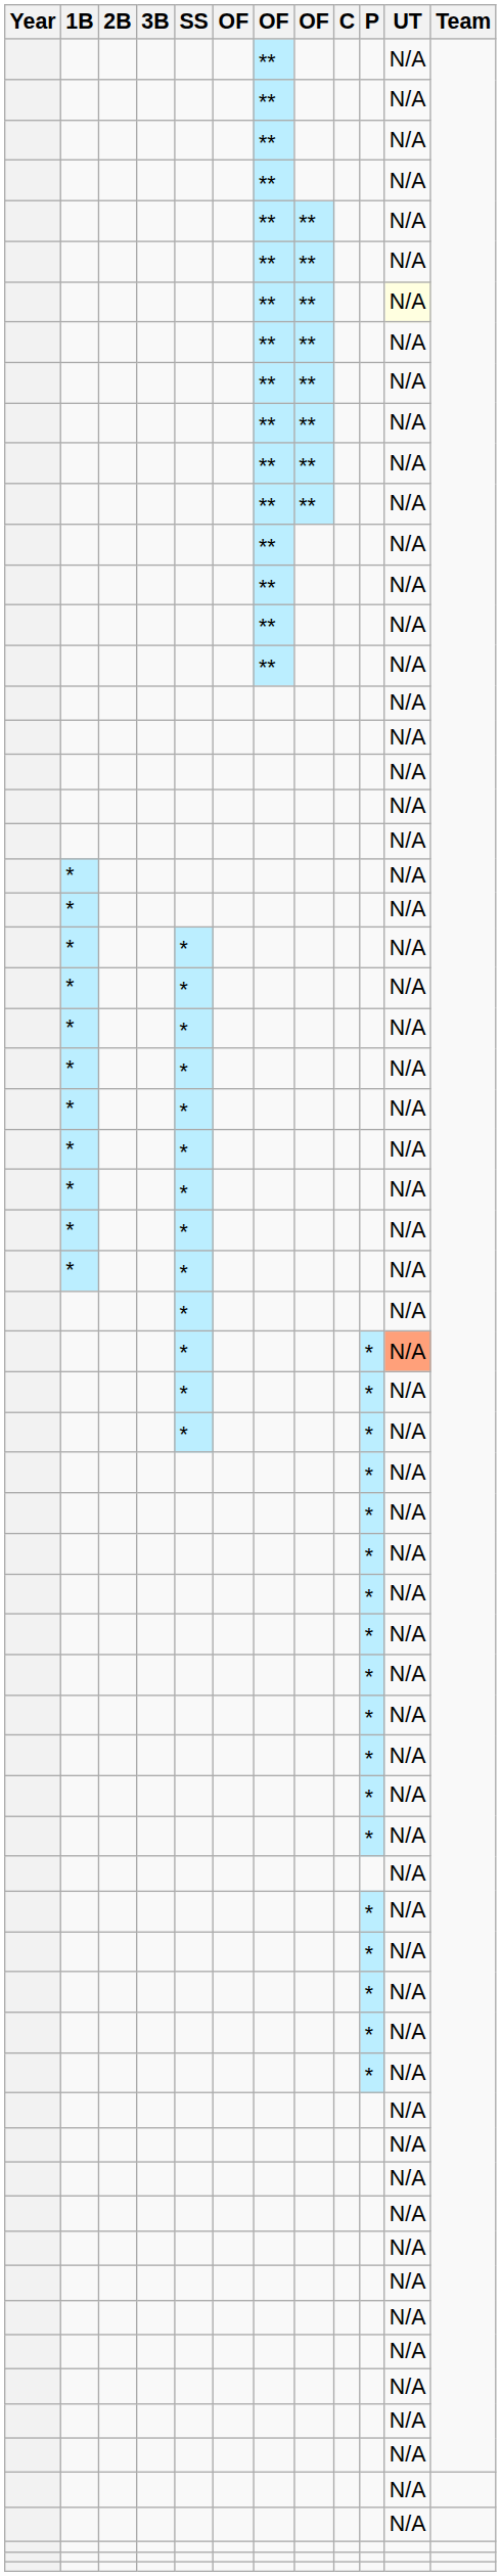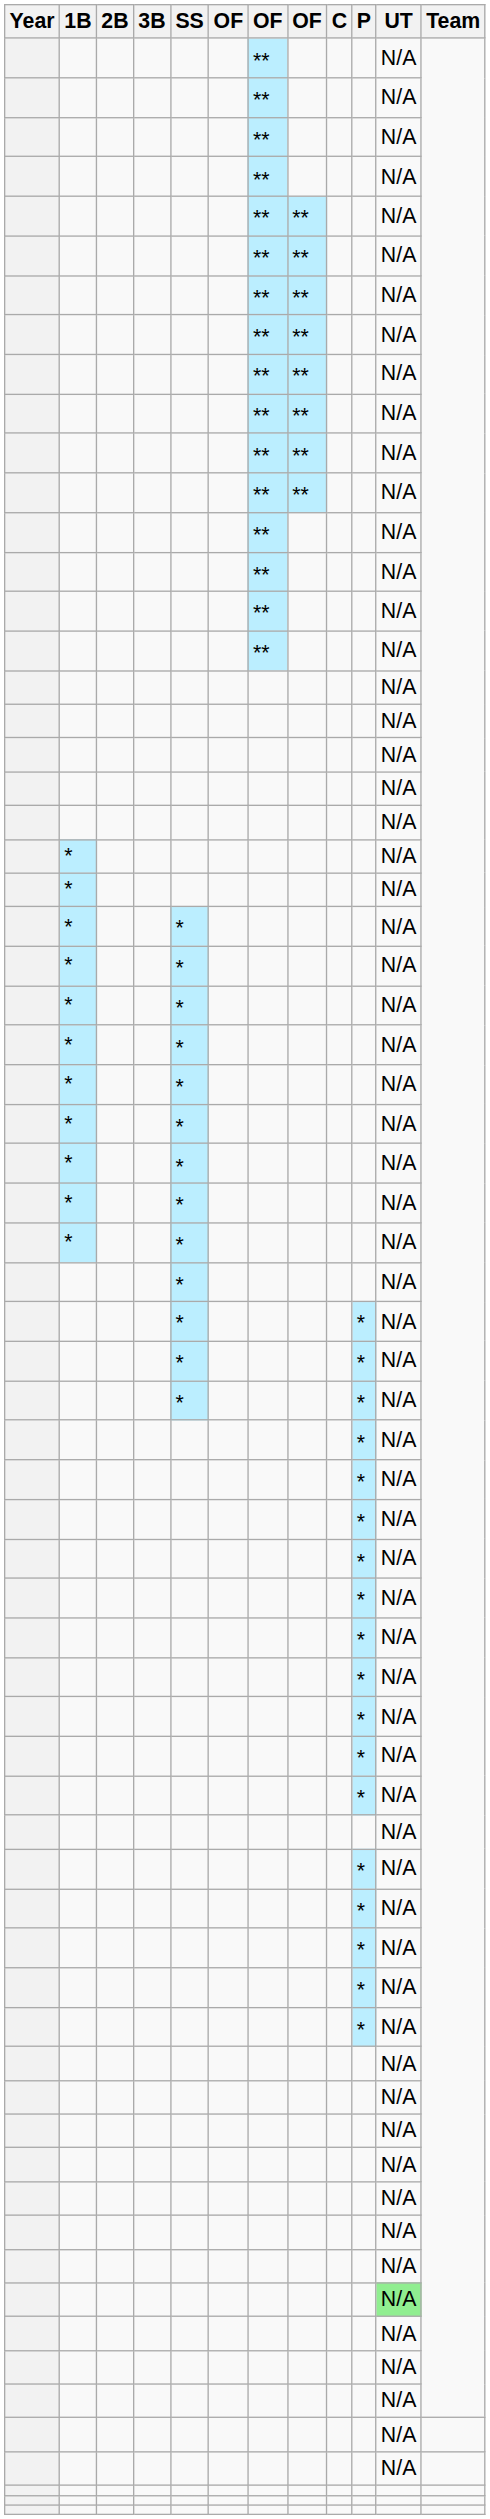 <table class="wikitable sortable">
 <tr>
 <th scope="col">Year</th>
 <th scope="col">1B</th>
 <th scope="col">2B</th>
 <th scope="col">3B</th>
 <th scope="col">SS</th>
 <th scope="col">OF</th>
 <th scope="col">OF</th>
 <th scope="col">OF</th>
 <th scope="col">C</th>
 <th scope="col">P</th>
 <th scope="col">UT</th>
 <th scope="col">Team</th>
 </tr>
 <tr>
 <th scope="row"></th>
 <td><sup></sup></td>
 <td><em></em><sup></sup></td>
 <td><em></em></td>
 <td></td>
 <td><em></em><sup></sup></td>
 <td style="background:#bef;">**<sup></sup></td>
 <td><em></em><sup></sup></td>
 <td><em></em></td>
 <td><em></em></td>
 <td>N/A</td>
 </tr>
 <tr>
 <th scope="row"></th>
 <td><sup></sup></td>
 <td><sup></sup></td>
 <td></td>
 <td></td>
 <td><sup></sup></td>
 <td style="background:#bef;">**<sup></sup></td>
 <td><sup></sup></td>
 <td></td>
 <td></td>
 <td>N/A</td>
 </tr>
 <tr>
 <th scope="row"></th>
 <td><sup></sup></td>
 <td></td>
 <td></td>
 <td></td>
 <td></td>
 <td style="background:#bef;">**<sup></sup></td>
 <td><sup></sup></td>
 <td></td>
 <td></td>
 <td>N/A</td>
 </tr>
 <tr>
 <th scope="row"></th>
 <td></td>
 <td><sup></sup></td>
 <td></td>
 <td><sup></sup></td>
 <td></td>
 <td style="background:#bef;">**<sup></sup></td>
 <td><sup></sup></td>
 <td></td>
 <td></td>
 <td>N/A</td>
 </tr>
 <tr>
 <th scope="row"></th>
 <td></td>
 <td><sup></sup></td>
 <td></td>
 <td></td>
 <td></td>
 <td style="background:#bef;">**<sup></sup></td>
 <td style="background:#bef;">**<sup></sup></td>
 <td></td>
 <td></td>
 <td>N/A</td>
 </tr>
 <tr>
 <th scope="row"></th>
 <td></td>
 <td></td>
 <td></td>
 <td></td>
 <td></td>
 <td style="background:#bef;">**<sup></sup></td>
 <td style="background:#bef;">**<sup></sup></td>
 <td></td>
 <td></td>
 <td>N/A</td>
 </tr>
 <tr>
 <th scope="row"></th>
 <td></td>
 <td><sup></sup></td>
 <td></td>
 <td></td>
 <td></td>
 <td style="background:#bef;">**<sup></sup></td>
 <td style="background:#bef;">**<sup></sup></td>
 <td></td>
 <td></td>
-<td style="background: lightyellow;">N/A</td>
+<td>N/A</td>
 </tr>
 <tr>
 <th scope="row"></th>
 <td></td>
 <td><sup></sup></td>
 <td><sup></sup></td>
 <td></td>
 <td></td>
 <td style="background:#bef;">**<sup></sup></td>
 <td style="background:#bef;">**<sup></sup></td>
 <td></td>
 <td></td>
 <td>N/A</td>
 </tr>
 <tr>
 <th scope="row"></th>
 <td></td>
 <td><sup></sup></td>
 <td><sup></sup></td>
 <td></td>
 <td></td>
 <td style="background:#bef;">**<sup></sup></td>
 <td style="background:#bef;">**<sup></sup></td>
 <td><sup></sup></td>
 <td><sup></sup></td>
 <td>N/A</td>
 </tr>
 <tr>
 <th scope="row"></th>
 <td></td>
 <td><sup></sup></td>
 <td><sup></sup></td>
 <td></td>
 <td></td>
 <td style="background:#bef;">**<sup></sup></td>
 <td style="background:#bef;">**<sup></sup></td>
 <td></td>
 <td><sup></sup></td>
 <td>N/A</td>
 </tr>
 <tr>
 <th scope="row"></th>
 <td></td>
 <td><sup></sup></td>
 <td><sup></sup></td>
 <td></td>
 <td></td>
 <td style="background:#bef;">**<sup></sup></td>
 <td style="background:#bef;">**<sup></sup></td>
 <td></td>
 <td><sup></sup></td>
 <td>N/A</td>
 </tr>
 <tr>
 <th scope="row"></th>
 <td></td>
 <td></td>
 <td><sup></sup></td>
 <td></td>
 <td></td>
 <td style="background:#bef;">**<sup></sup></td>
 <td style="background:#bef;">**<sup></sup></td>
 <td><sup></sup></td>
 <td><sup></sup></td>
 <td>N/A</td>
 </tr>
 <tr>
 <th scope="row"></th>
 <td></td>
 <td></td>
 <td></td>
 <td></td>
 <td></td>
 <td style="background:#bef;">**<sup></sup></td>
 <td></td>
 <td><sup></sup></td>
 <td><sup></sup></td>
 <td>N/A</td>
 </tr>
 <tr>
 <th scope="row"></th>
 <td></td>
 <td></td>
 <td></td>
 <td></td>
 <td></td>
 <td style="background:#bef;">**<sup></sup></td>
 <td></td>
 <td><sup></sup></td>
 <td><sup></sup></td>
 <td>N/A</td>
 </tr>
 <tr>
 <th scope="row"></th>
 <td></td>
 <td></td>
 <td></td>
 <td></td>
 <td></td>
 <td style="background:#bef;">**<sup></sup></td>
 <td></td>
 <td><sup></sup></td>
 <td><sup></sup></td>
 <td>N/A</td>
 </tr>
 <tr>
 <th scope="row"></th>
 <td></td>
 <td></td>
 <td></td>
 <td></td>
 <td></td>
 <td style="background:#bef;">**<sup></sup></td>
 <td></td>
 <td><sup></sup></td>
 <td><sup></sup></td>
 <td>N/A</td>
 </tr>
 <tr>
 <th scope="row"></th>
 <td></td>
 <td><sup></sup></td>
 <td></td>
 <td></td>
 <td></td>
 <td></td>
 <td></td>
 <td><sup></sup></td>
 <td><sup></sup></td>
 <td>N/A</td>
 </tr>
 <tr>
 <th scope="row"></th>
 <td></td>
 <td><sup></sup></td>
 <td></td>
 <td></td>
 <td></td>
 <td></td>
 <td></td>
 <td><sup></sup></td>
 <td></td>
 <td>N/A</td>
 </tr>
 <tr>
 <th scope="row"></th>
 <td></td>
 <td><sup></sup></td>
 <td></td>
 <td></td>
 <td></td>
 <td></td>
 <td></td>
 <td><sup></sup></td>
 <td></td>
 <td>N/A</td>
 </tr>
 <tr>
 <th scope="row"></th>
 <td></td>
 <td><sup></sup></td>
 <td><sup></sup></td>
 <td></td>
 <td></td>
 <td></td>
 <td></td>
 <td><sup></sup></td>
 <td><sup></sup></td>
 <td>N/A</td>
 </tr>
 <tr>
 <th scope="row"></th>
 <td></td>
 <td><sup></sup></td>
 <td><sup></sup></td>
 <td></td>
 <td></td>
 <td></td>
 <td><sup></sup></td>
 <td><sup></sup></td>
 <td><sup></sup></td>
 <td>N/A</td>
 </tr>
 <tr>
 <th scope="row"></th>
 <td style="background:#bef;">*</td>
 <td></td>
 <td><sup></sup></td>
 <td></td>
 <td></td>
 <td></td>
 <td><sup></sup></td>
 <td></td>
 <td><sup></sup></td>
 <td>N/A</td>
 </tr>
 <tr>
 <th scope="row"></th>
 <td style="background:#bef;">*</td>
 <td></td>
 <td><sup></sup></td>
 <td></td>
 <td><sup></sup></td>
 <td></td>
 <td><sup></sup></td>
 <td></td>
 <td><sup></sup></td>
 <td>N/A</td>
 </tr>
 <tr>
 <th scope="row"></th>
 <td style="background:#bef;">*</td>
 <td></td>
 <td><sup></sup></td>
 <td style="background:#bef;">*<sup></sup></td>
 <td><sup></sup></td>
 <td></td>
 <td><sup></sup></td>
 <td><sup></sup></td>
 <td><sup></sup></td>
 <td>N/A</td>
 </tr>
 <tr>
 <th scope="row"></th>
 <td style="background:#bef;">*</td>
 <td></td>
 <td><sup></sup></td>
 <td style="background:#bef;">*<sup></sup></td>
 <td></td>
 <td></td>
 <td><sup></sup></td>
 <td><sup></sup></td>
 <td><sup></sup></td>
 <td>N/A</td>
 </tr>
 <tr>
 <th scope="row"></th>
 <td style="background:#bef;">*</td>
 <td></td>
 <td><sup></sup></td>
 <td style="background:#bef;">*<sup></sup></td>
 <td></td>
 <td></td>
 <td><sup></sup></td>
 <td><sup></sup></td>
 <td><sup></sup></td>
 <td>N/A</td>
 </tr>
 <tr>
 <th scope="row"></th>
 <td style="background:#bef;">*</td>
 <td><sup></sup></td>
 <td><sup></sup></td>
 <td style="background:#bef;">*<sup></sup></td>
 <td></td>
 <td></td>
 <td><sup></sup></td>
 <td></td>
 <td><sup></sup></td>
 <td>N/A</td>
 </tr>
 <tr>
 <th scope="row"></th>
 <td style="background:#bef;">*</td>
 <td><sup></sup></td>
 <td><sup></sup></td>
 <td style="background:#bef;">*<sup></sup></td>
 <td></td>
 <td></td>
 <td><sup></sup></td>
 <td></td>
 <td></td>
 <td>N/A</td>
 </tr>
 <tr>
 <th scope="row"></th>
 <td style="background:#bef;">*</td>
 <td><sup></sup></td>
 <td></td>
 <td style="background:#bef;">*<sup></sup></td>
 <td></td>
 <td></td>
 <td><sup></sup></td>
 <td></td>
 <td></td>
 <td>N/A</td>
 </tr>
 <tr>
 <th scope="row"></th>
 <td style="background:#bef;">*</td>
 <td><sup></sup></td>
 <td><sup></sup></td>
 <td style="background:#bef;">*<sup></sup></td>
 <td></td>
 <td></td>
 <td><sup></sup></td>
 <td></td>
 <td></td>
 <td>N/A</td>
 </tr>
 <tr>
 <th scope="row"></th>
 <td style="background:#bef;">*</td>
 <td><sup></sup></td>
 <td></td>
 <td style="background:#bef;">*<sup></sup></td>
 <td></td>
 <td><sup></sup></td>
 <td><sup></sup></td>
 <td></td>
 <td></td>
 <td>N/A</td>
 </tr>
 <tr>
 <th scope="row"></th>
 <td style="background:#bef;">*</td>
 <td><sup></sup></td>
 <td></td>
 <td style="background:#bef;">*<sup></sup></td>
 <td></td>
 <td><sup></sup></td>
 <td></td>
 <td></td>
 <td></td>
 <td>N/A</td>
 </tr>
 <tr>
 <th scope="row"></th>
 <td></td>
 <td><sup></sup></td>
 <td></td>
 <td style="background:#bef;">*<sup></sup></td>
 <td></td>
 <td><sup></sup></td>
 <td></td>
 <td></td>
 <td></td>
 <td>N/A</td>
 </tr>
 <tr>
 <th scope="row"></th>
 <td></td>
 <td><sup></sup></td>
 <td></td>
 <td style="background:#bef;">*<sup></sup></td>
 <td></td>
 <td><sup></sup></td>
 <td></td>
 <td></td>
 <td style="background:#bef;">*<sup></sup></td>
-<td style="background: lightsalmon;">N/A</td>
+<td>N/A</td>
 </tr>
 <tr>
 <th scope="row"></th>
 <td></td>
 <td><sup></sup></td>
 <td></td>
 <td style="background:#bef;">*<sup></sup></td>
 <td></td>
 <td><sup></sup></td>
 <td></td>
 <td></td>
 <td style="background:#bef;">*<sup></sup></td>
 <td>N/A</td>
 </tr>
 <tr>
 <th scope="row"></th>
 <td></td>
 <td></td>
 <td></td>
 <td style="background:#bef;">*<sup></sup></td>
 <td></td>
 <td><sup></sup></td>
 <td></td>
 <td></td>
 <td style="background:#bef;">*<sup></sup></td>
 <td>N/A</td>
 </tr>
 <tr>
 <th scope="row"></th>
 <td></td>
 <td></td>
 <td></td>
 <td></td>
 <td></td>
 <td><sup></sup></td>
 <td></td>
 <td></td>
 <td style="background:#bef;">*<sup></sup></td>
 <td>N/A</td>
 </tr>
 <tr>
 <th scope="row"></th>
 <td><sup></sup></td>
 <td><sup></sup></td>
 <td></td>
 <td><sup></sup></td>
 <td></td>
 <td></td>
 <td></td>
 <td></td>
 <td style="background:#bef;">*<sup></sup></td>
 <td>N/A</td>
 </tr>
 <tr>
 <th scope="row"></th>
 <td></td>
 <td><sup></sup></td>
 <td></td>
 <td><sup></sup></td>
 <td></td>
 <td></td>
 <td></td>
 <td></td>
 <td style="background:#bef;">*<sup></sup></td>
 <td>N/A</td>
 </tr>
 <tr>
 <th scope="row"></th>
 <td></td>
 <td><sup></sup></td>
 <td></td>
 <td><sup></sup></td>
 <td></td>
 <td></td>
 <td></td>
 <td></td>
 <td style="background:#bef;">*<sup></sup></td>
 <td>N/A</td>
 </tr>
 <tr>
 <th scope="row"></th>
 <td></td>
 <td><sup></sup></td>
 <td></td>
 <td></td>
 <td></td>
 <td><sup></sup></td>
 <td></td>
 <td></td>
 <td style="background:#bef;">*<sup></sup></td>
 <td>N/A</td>
 </tr>
 <tr>
 <th scope="row"></th>
 <td></td>
 <td></td>
 <td><sup></sup></td>
 <td></td>
 <td></td>
 <td><sup></sup></td>
 <td></td>
 <td></td>
 <td style="background:#bef;">*<sup></sup></td>
 <td>N/A</td>
 </tr>
 <tr>
 <th scope="row"></th>
 <td></td>
 <td></td>
 <td></td>
 <td></td>
 <td></td>
 <td><sup></sup></td>
 <td></td>
 <td></td>
 <td style="background:#bef;">*<sup></sup></td>
 <td>N/A</td>
 </tr>
 <tr>
 <th scope="row"></th>
 <td></td>
 <td></td>
 <td><sup></sup></td>
 <td></td>
 <td></td>
 <td></td>
 <td></td>
 <td></td>
 <td style="background:#bef;">*<sup></sup></td>
 <td>N/A</td>
 </tr>
 <tr>
 <th scope="row"></th>
 <td><sup></sup></td>
 <td></td>
 <td><sup></sup></td>
 <td></td>
 <td><sup></sup></td>
 <td></td>
 <td></td>
 <td></td>
 <td style="background:#bef;">*<sup></sup></td>
 <td>N/A</td>
 </tr>
 <tr>
 <th scope="row"></th>
 <td><sup></sup></td>
 <td></td>
 <td><sup></sup></td>
 <td></td>
 <td><sup></sup></td>
 <td></td>
 <td></td>
 <td></td>
 <td style="background:#bef;">*<sup></sup></td>
 <td>N/A</td>
 </tr>
 <tr>
 <th scope="row"></th>
 <td></td>
 <td></td>
 <td><sup></sup></td>
 <td></td>
 <td></td>
 <td></td>
 <td></td>
 <td></td>
 <td></td>
 <td>N/A</td>
 </tr>
 <tr>
 <th scope="row"></th>
 <td><sup></sup></td>
 <td></td>
 <td><sup></sup></td>
 <td></td>
 <td></td>
 <td></td>
 <td></td>
 <td></td>
 <td style="background:#bef;">*<sup></sup></td>
 <td>N/A</td>
 </tr>
 <tr>
 <th scope="row"></th>
 <td></td>
 <td></td>
 <td></td>
 <td></td>
 <td></td>
 <td></td>
 <td></td>
 <td></td>
 <td style="background:#bef;">*<sup></sup></td>
 <td>N/A</td>
 </tr>
 <tr>
 <th scope="row"></th>
 <td></td>
 <td></td>
 <td><sup></sup></td>
 <td></td>
 <td></td>
 <td></td>
 <td></td>
 <td></td>
 <td style="background:#bef;">*<sup></sup></td>
 <td>N/A</td>
 </tr>
 <tr>
 <th scope="row"></th>
 <td></td>
 <td></td>
 <td></td>
 <td></td>
 <td></td>
 <td></td>
 <td></td>
 <td></td>
 <td style="background:#bef;">*<sup></sup></td>
 <td>N/A</td>
 </tr>
 <tr>
 <th scope="row"></th>
 <td></td>
 <td></td>
 <td></td>
 <td></td>
 <td></td>
 <td></td>
 <td></td>
 <td></td>
 <td style="background:#bef;">*<sup></sup></td>
 <td>N/A</td>
 </tr>
 <tr>
 <th scope="row"></th>
 <td></td>
 <td></td>
 <td></td>
 <td></td>
 <td></td>
 <td></td>
 <td></td>
 <td></td>
 <td></td>
 <td>N/A</td>
 </tr>
 <tr>
 <th scope="row"></th>
 <td></td>
 <td></td>
 <td><sup></sup></td>
 <td></td>
 <td></td>
 <td></td>
 <td></td>
 <td></td>
 <td></td>
 <td>N/A</td>
 </tr>
 <tr>
 <th scope="row"></th>
 <td></td>
 <td></td>
 <td></td>
 <td></td>
 <td></td>
 <td></td>
 <td></td>
 <td></td>
 <td></td>
 <td>N/A</td>
 </tr>
 <tr>
 <th scope="row"></th>
 <td></td>
 <td></td>
 <td></td>
 <td></td>
 <td></td>
 <td></td>
 <td></td>
 <td></td>
 <td></td>
 <td>N/A</td>
 </tr>
 <tr>
 <th scope="row"></th>
 <td></td>
 <td></td>
 <td></td>
 <td></td>
 <td></td>
 <td></td>
 <td></td>
 <td></td>
 <td></td>
 <td>N/A</td>
 </tr>
 <tr>
 <th scope="row"></th>
 <td></td>
 <td></td>
 <td></td>
 <td></td>
 <td></td>
 <td></td>
 <td></td>
 <td></td>
 <td></td>
 <td>N/A</td>
 </tr>
 <tr>
 <th scope="row"></th>
 <td></td>
 <td></td>
 <td></td>
 <td></td>
 <td></td>
 <td></td>
 <td></td>
 <td></td>
 <td></td>
 <td>N/A</td>
 </tr>
 <tr>
 <th scope="row"></th>
 <td></td>
 <td></td>
 <td></td>
 <td></td>
 <td></td>
 <td></td>
 <td></td>
 <td></td>
 <td></td>
-<td>N/A</td>
+<td style="background: lightgreen;">N/A</td>
 </tr>
 <tr>
 <th scope="row"></th>
 <td></td>
 <td></td>
 <td></td>
 <td></td>
 <td></td>
 <td></td>
 <td></td>
 <td></td>
 <td></td>
 <td>N/A</td>
 </tr>
 <tr>
 <th scope="row"></th>
 <td></td>
 <td></td>
 <td></td>
 <td></td>
 <td></td>
 <td></td>
 <td></td>
 <td></td>
 <td></td>
 <td>N/A</td>
 </tr>
 <tr>
 <th scope="row"></th>
 <td></td>
 <td></td>
 <td></td>
 <td></td>
 <td></td>
 <td></td>
 <td></td>
 <td></td>
 <td></td>
 <td>N/A</td>
 </tr>
 <tr>
 <th scope="row"></th>
 <td></td>
 <td></td>
 <td></td>
 <td></td>
 <td></td>
 <td></td>
 <td></td>
 <td></td>
 <td></td>
 <td>N/A</td>
 <td></td>
 </tr>
 <tr>
 <th scope="row"></th>
 <td></td>
 <td></td>
 <td></td>
 <td></td>
 <td></td>
 <td></td>
 <td></td>
 <td></td>
 <td></td>
 <td>N/A</td>
 <td></td>
 </tr>
 <tr>
 <th scope ="row"></th>
 <td></td>
 <td></td>
 <td></td>
 <td></td>
 <td></td>
 <td></td>
 <td></td>
 <td></td>
 <td></td>
 <td></td>
 <td></td>
 </tr>
 <tr>
 <th scope ="row"></th>
 <td></td>
 <td></td>
 <td></td>
 <td></td>
 <td></td>
 <td></td>
 <td></td>
 <td></td>
 <td></td>
 <td></td>
 <td></td>
 </tr>
 <tr>
 <th scope ="row"></th>
 <td></td>
 <td></td>
 <td></td>
 <td></td>
 <td></td>
 <td></td>
 <td></td>
 <td></td>
 <td></td>
 <td></td>
 <td></td>
 </tr>
 </table>
